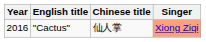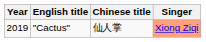 <table class="wikitable">
 <tr>
 <th width=10>Year</th>
 <th>English title</th>
 <th>Chinese title</th>
 <th>Singer</th>
 </tr>
 <tr>
-<td>2016</td>
+<td>2019</td>
 <td>"Cactus"</td>
 <td>仙人掌</td>
 <td style="background: lightsalmon;"><a href='#'>Xiong Ziqi</a></td>
 </tr>
 </table>
